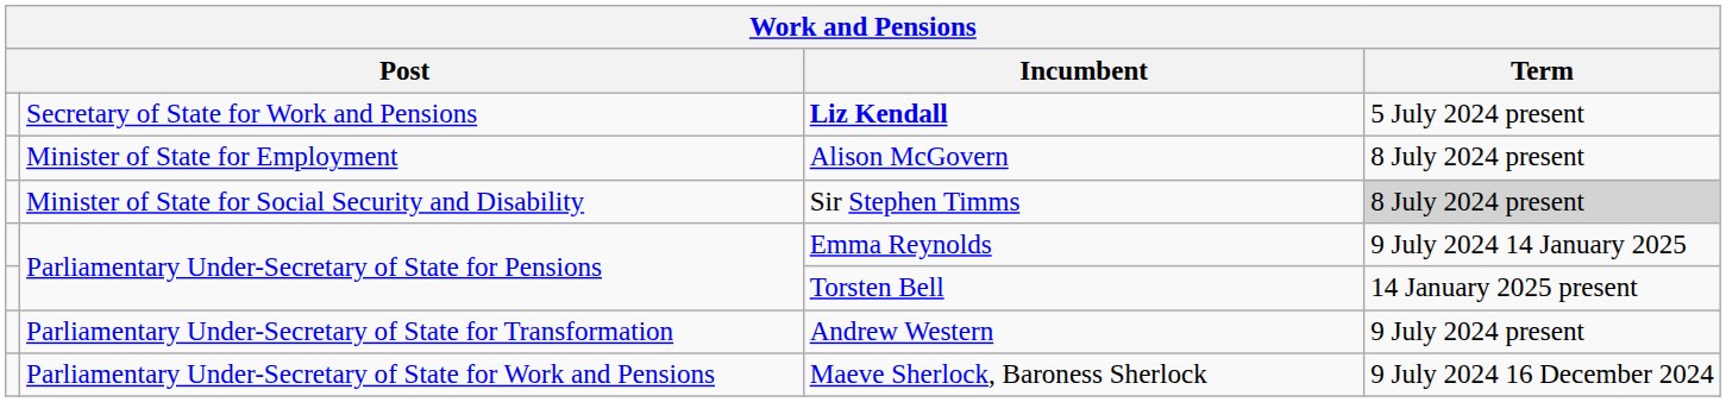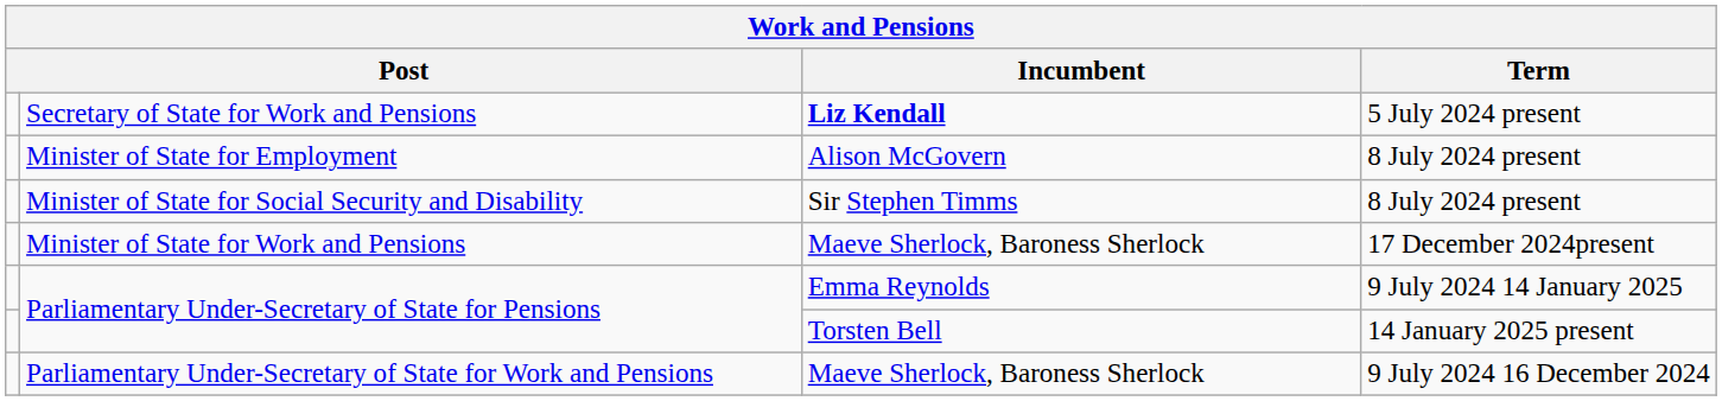 <table class="wikitable">
 <tr>
 <th colspan="4"><a href='#'>Work and Pensions</a></th>
 </tr>
 <tr>
 <th colspan="2">Post</th>
 <th>Incumbent</th>
 <th>Term</th>
 </tr>
 <tr>
 <td style="width: 1px; background: "></td>
 <td style="width: 450px;"><a href='#'>Secretary of State for Work and Pensions</a></td>
 <td style="width: 320px;"><strong><a href='#'>Liz Kendall</a></strong></td>
 <td>5 July 2024 present</td>
 </tr>
 <tr>
 <td style="width: 1px; background: "></td>
 <td><a href='#'>Minister of State for Employment</a></td>
 <td><a href='#'>Alison McGovern</a></td>
 <td>8 July 2024 present</td>
 </tr>
 <tr>
 <td style="width: 1px; background: "></td>
 <td><a href='#'>Minister of State for Social Security and Disability</a></td>
 <td>Sir <a href='#'>Stephen Timms</a></td>
-<td style="background: lightgrey;">8 July 2024 present</td>
+<td>8 July 2024 present</td>
+</tr>
+<tr>
+<td style="width: 1px; background: "></td>
+<td><a href='#'>Minister of State for Work and Pensions</a></td>
+<td><a href='#'>Maeve Sherlock</a>, Baroness Sherlock</td>
+<td>17 December 2024present</td>
 </tr>
 <tr>
 <td style="width: 1px; background: "></td>
 <td rowspan="2"><a href='#'>Parliamentary Under-Secretary of State for Pensions</a></td>
 <td><a href='#'>Emma Reynolds</a></td>
 <td>9 July 2024 14 January 2025</td>
 </tr>
 <tr>
 <td style="width: 1px; background: "></td>
 <td><a href='#'>Torsten Bell</a></td>
 <td>14 January 2025 present</td>
 </tr>
 <tr>
 <td style="width: 1px; background: "></td>
-<td><a href='#'>Parliamentary Under-Secretary of State for Transformation</a></td>
-<td><a href='#'>Andrew Western</a></td>
-<td>9 July 2024 present</td>
-</tr>
-<tr>
-<td style="width: 1px; background: "></td>
 <td><a href='#'>Parliamentary Under-Secretary of State for Work and Pensions</a></td>
 <td><a href='#'>Maeve Sherlock</a>, Baroness Sherlock </td>
 <td>9 July 2024 16 December 2024</td>
 </tr>
 </table>
